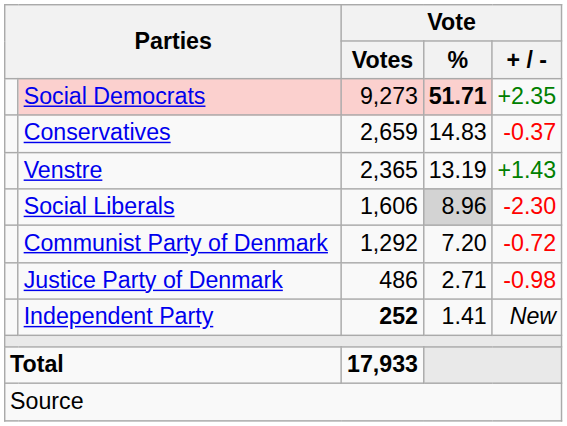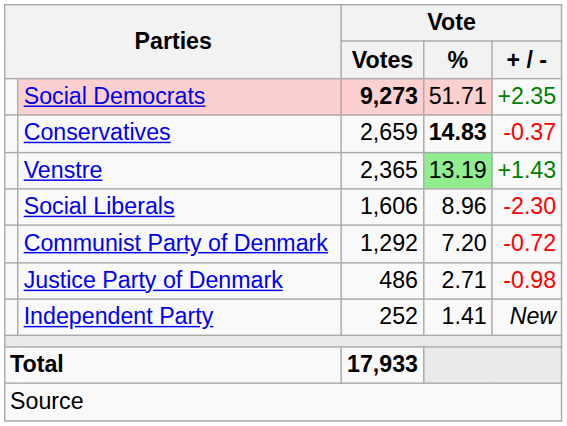 <table class="wikitable" style="text-align:right;">
 <tr>
 <th style="text-align:centre;" rowspan="2" colspan="2" width="225">Parties</th>
 <th colspan="3">Vote</th>
 </tr>
 <tr>
 <th width="15">Votes</th>
 <th width="15">%</th>
 <th width="15">+ / -</th>
 </tr>
 <tr>
 <td width="2" style="color:inherit;background:"></td>
 <td bgcolor=#fbd0ce  align="left"><a href='#'>Social Democrats</a></td>
-<td bgcolor=#fbd0ce>9,273</td>
-<td bgcolor=#fbd0ce><strong>51.71</strong></td>
+<td bgcolor=#fbd0ce><strong>9,273</strong></td>
+<td bgcolor=#fbd0ce>51.71</td>
 <td style=color:green;>+2.35</td>
 </tr>
 <tr>
 <td width="2" style="color:inherit;background:"></td>
 <td align="left"><a href='#'>Conservatives</a></td>
 <td>2,659</td>
-<td>14.83</td>
+<td><strong>14.83</strong></td>
 <td style=color:red;>-0.37</td>
 </tr>
 <tr>
 <td width="2" style="color:inherit;background:"></td>
 <td align="left"><a href='#'>Venstre</a></td>
 <td>2,365</td>
-<td>13.19</td>
+<td style="background: lightgreen;">13.19</td>
 <td style=color:green;>+1.43</td>
 </tr>
 <tr>
 <td width="2" style="color:inherit;background:"></td>
 <td align="left"><a href='#'>Social Liberals</a></td>
 <td>1,606</td>
-<td style="background: lightgrey;">8.96</td>
+<td>8.96</td>
 <td style=color:red;>-2.30</td>
 </tr>
 <tr>
 <td width="2" style="color:inherit;background:"></td>
 <td align="left"><a href='#'>Communist Party of Denmark</a></td>
 <td>1,292</td>
 <td>7.20</td>
 <td style=color:red;>-0.72</td>
 </tr>
 <tr>
 <td width="2" style="color:inherit;background:"></td>
 <td align="left"><a href='#'>Justice Party of Denmark</a></td>
 <td>486</td>
 <td>2.71</td>
 <td style=color:red;>-0.98</td>
 </tr>
 <tr>
 <td width="2" style="color:inherit;background:"></td>
 <td align="left"><a href='#'>Independent Party</a></td>
-<td><strong>252</strong></td>
+<td>252</td>
 <td>1.41</td>
 <td><em>New</em></td>
 </tr>
 <tr>
 <td colspan="7" bgcolor="#E9E9E9"></td>
 </tr>
 <tr>
 <td align="left" colspan="2"><strong>Total</strong></td>
 <td><strong>17,933</strong></td>
 <td bgcolor="#E9E9E9" colspan="2"></td>
 </tr>
 <tr>
 <td align="left" colspan="6">Source</td>
 </tr>
 </table>
